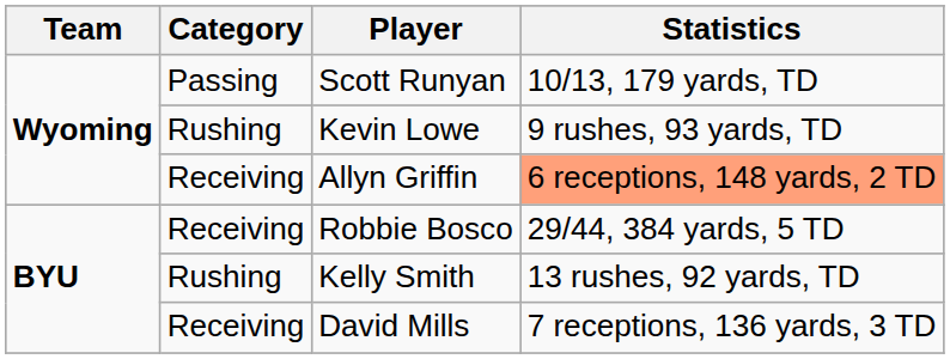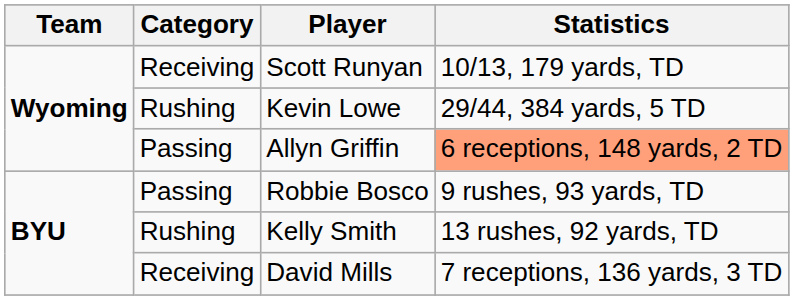 <table class="wikitable" style="float: left;">
 <tr>
 <th>Team</th>
 <th>Category</th>
 <th>Player</th>
 <th>Statistics</th>
 </tr>
 <tr>
 <td rowspan=3><strong>Wyoming</strong></td>
-<td>Passing</td>
+<td>Receiving</td>
 <td>Scott Runyan</td>
 <td>10/13, 179 yards, TD</td>
 </tr>
 <tr>
 <td>Rushing</td>
 <td>Kevin Lowe</td>
-<td>9 rushes, 93 yards, TD</td>
+<td>29/44, 384 yards, 5 TD</td>
 </tr>
 <tr>
-<td>Receiving</td>
+<td>Passing</td>
 <td>Allyn Griffin</td>
 <td style="background: lightsalmon;">6 receptions, 148 yards, 2 TD</td>
 </tr>
 <tr>
 <td rowspan=3><strong>BYU</strong></td>
-<td>Receiving</td>
+<td>Passing</td>
 <td>Robbie Bosco</td>
-<td>29/44, 384 yards, 5 TD</td>
+<td>9 rushes, 93 yards, TD</td>
 </tr>
 <tr>
 <td>Rushing</td>
 <td>Kelly Smith</td>
 <td>13 rushes, 92 yards, TD</td>
 </tr>
 <tr>
 <td>Receiving</td>
 <td>David Mills</td>
 <td>7 receptions, 136 yards, 3 TD</td>
 </tr>
 </table>
